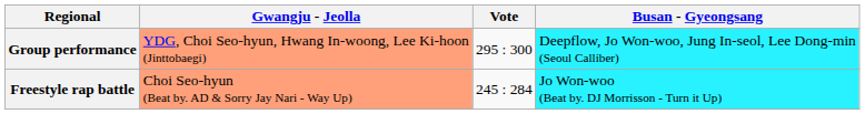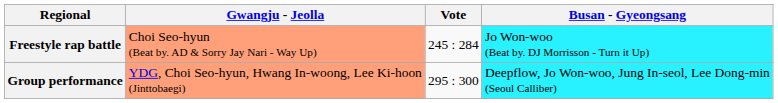 <table class="wikitable">
 <tr>
 <th>Regional</th>
 <th><a href='#'>Gwangju</a> - <a href='#'>Jeolla</a></th>
 <th>Vote</th>
 <th><a href='#'>Busan</a> - <a href='#'>Gyeongsang</a></th>
 </tr>
 <tr>
+<th>Freestyle rap battle</th>
+<td style="background:#FFA07A;">Choi Seo-hyun <br> <small>(Beat by. AD & Sorry Jay Nari - Way Up)</small></td>
+<td>245 : 284</td>
+<td style="background:#28f2ff;">Jo Won-woo <br> <small>(Beat by. DJ Morrisson - Turn it Up)</small></td>
+</tr>
+<tr>
 <th>Group performance</th>
 <td style="background:#FFA07A;"><a href='#'>YDG</a>, Choi Seo-hyun, Hwang In-woong, Lee Ki-hoon <br> <small>(Jinttobaegi)</small></td>
 <td>295 : 300</td>
 <td style="background:#28f2ff;">Deepflow, Jo Won-woo, Jung In-seol, Lee Dong-min <br> <small>(Seoul Calliber)</small></td>
 </tr>
-<tr>
-<th>Freestyle rap battle</th>
-<td style="background:#FFA07A;">Choi Seo-hyun <br> <small>(Beat by. AD & Sorry Jay Nari - Way Up)</small></td>
-<td>245 : 284</td>
-<td style="background:#28f2ff;">Jo Won-woo <br> <small>(Beat by. DJ Morrisson - Turn it Up)</small></td>
-</tr>
 </table>
